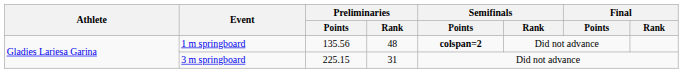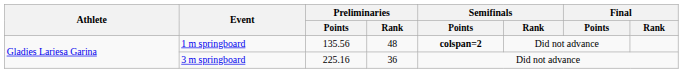 <table class="wikitable" style="text-align:center; font-size:90%; width:50%;">
 <tr>
 <th rowspan=2>Athlete</th>
 <th rowspan=2>Event</th>
 <th colspan=2>Preliminaries</th>
 <th colspan=2>Semifinals</th>
 <th colspan=2>Final</th>
 </tr>
 <tr style="font-size:95%">
 <th>Points</th>
 <th>Rank</th>
 <th>Points</th>
 <th>Rank</th>
 <th>Points</th>
 <th>Rank</th>
 </tr>
 <tr>
 <td align=left rowspan=2><a href='#'>Gladies Lariesa Garina</a></td>
 <td align=left><a href='#'>1 m springboard</a></td>
 <td>135.56</td>
 <td>48</td>
 <td><strong>colspan=2 </strong></td>
 <td colspan=2>Did not advance</td>
 </tr>
 <tr>
 <td align=left><a href='#'>3 m springboard</a></td>
-<td>225.15</td>
-<td>31</td>
+<td>225.16</td>
+<td>36</td>
 <td colspan=4>Did not advance</td>
 </tr>
 </table>
